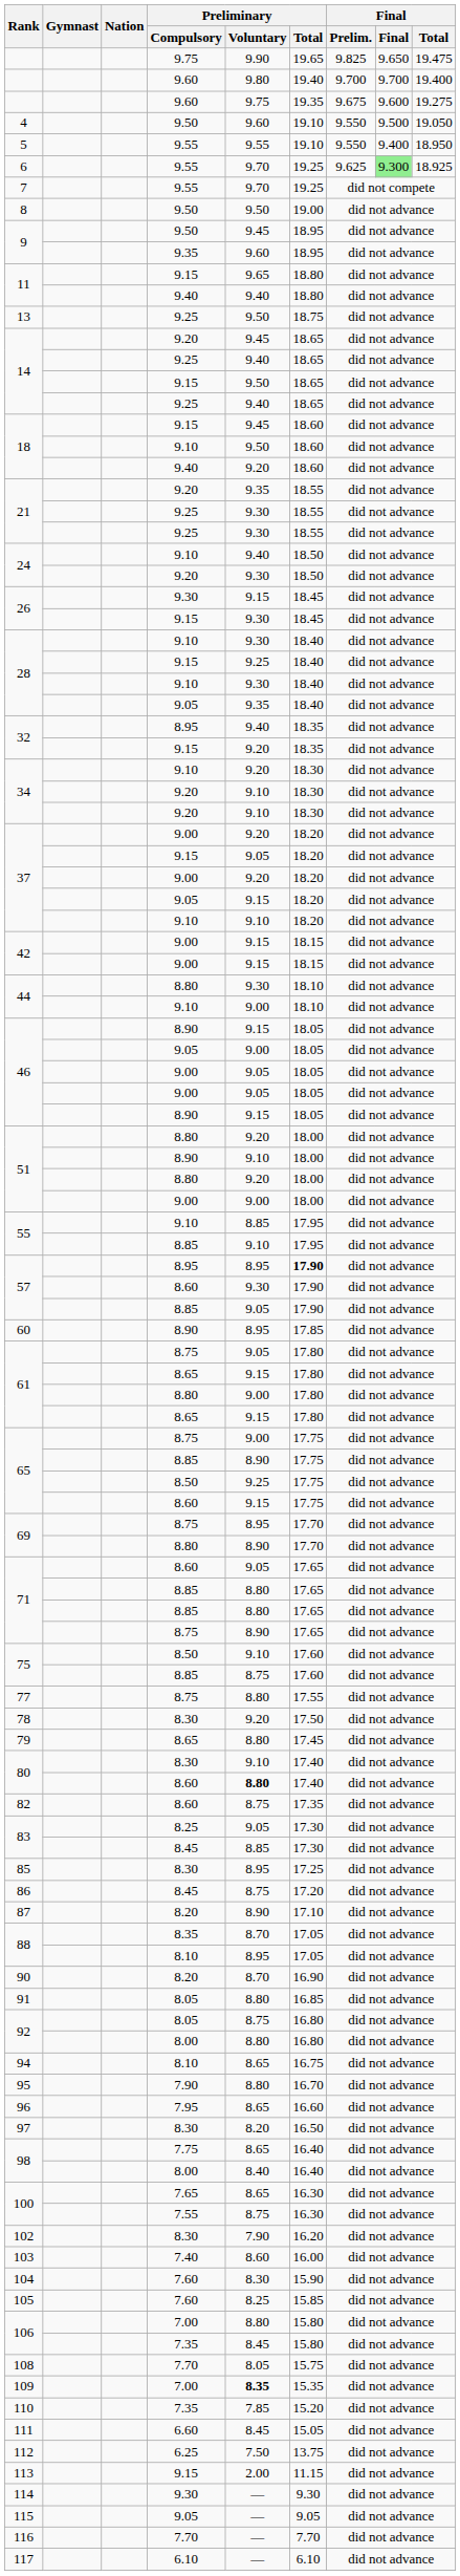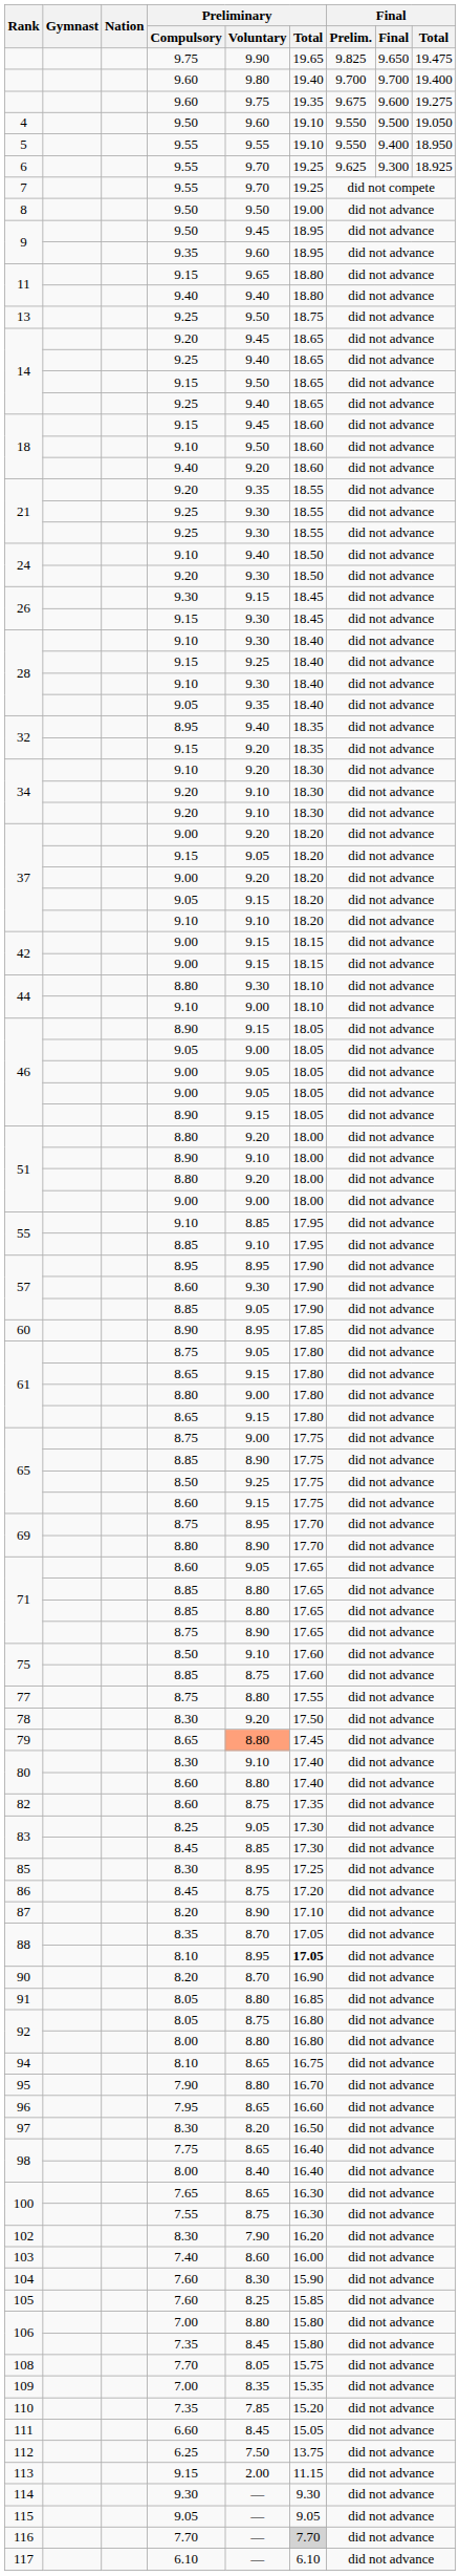 <table class="wikitable sortable" style="text-align:center">
 <tr>
 <th rowspan=2>Rank</th>
 <th rowspan=2>Gymnast</th>
 <th rowspan=2>Nation</th>
 <th colspan=3>Preliminary</th>
 <th colspan=3>Final</th>
 </tr>
 <tr>
 <th>Compulsory</th>
 <th>Voluntary</th>
 <th>Total</th>
 <th> Prelim.</th>
 <th>Final</th>
 <th>Total</th>
 </tr>
 <tr>
 <td></td>
 <td align=left></td>
 <td align=left></td>
 <td>9.75</td>
 <td>9.90</td>
 <td>19.65</td>
 <td>9.825</td>
 <td>9.650</td>
 <td>19.475</td>
 </tr>
 <tr>
 <td></td>
 <td align=left></td>
 <td align=left></td>
 <td>9.60</td>
 <td>9.80</td>
 <td>19.40</td>
 <td>9.700</td>
 <td>9.700</td>
 <td>19.400</td>
 </tr>
 <tr>
 <td></td>
 <td align=left></td>
 <td align=left></td>
 <td>9.60</td>
 <td>9.75</td>
 <td>19.35</td>
 <td>9.675</td>
 <td>9.600</td>
 <td>19.275</td>
 </tr>
 <tr>
 <td>4</td>
 <td align=left></td>
 <td align=left></td>
 <td>9.50</td>
 <td>9.60</td>
 <td>19.10</td>
 <td>9.550</td>
 <td>9.500</td>
 <td>19.050</td>
 </tr>
 <tr>
 <td>5</td>
 <td align=left></td>
 <td align=left></td>
 <td>9.55</td>
 <td>9.55</td>
 <td>19.10</td>
 <td>9.550</td>
 <td>9.400</td>
 <td>18.950</td>
 </tr>
 <tr>
 <td>6</td>
 <td align=left></td>
 <td align=left></td>
 <td>9.55</td>
 <td>9.70</td>
 <td>19.25</td>
 <td>9.625</td>
-<td style="background: lightgreen;">9.300</td>
+<td>9.300</td>
 <td>18.925</td>
 </tr>
 <tr>
 <td>7</td>
 <td align=left></td>
 <td align=left></td>
 <td>9.55</td>
 <td>9.70</td>
 <td>19.25</td>
 <td colspan=3>did not compete</td>
 </tr>
 <tr>
 <td>8</td>
 <td align=left></td>
 <td align=left></td>
 <td>9.50</td>
 <td>9.50</td>
 <td>19.00</td>
 <td colspan=3>did not advance</td>
 </tr>
 <tr>
 <td rowspan=2>9</td>
 <td align=left></td>
 <td align=left></td>
 <td>9.50</td>
 <td>9.45</td>
 <td>18.95</td>
 <td colspan=3>did not advance</td>
 </tr>
 <tr>
 <td align=left></td>
 <td align=left></td>
 <td>9.35</td>
 <td>9.60</td>
 <td>18.95</td>
 <td colspan=3>did not advance</td>
 </tr>
 <tr>
 <td rowspan=2>11</td>
 <td align=left></td>
 <td align=left></td>
 <td>9.15</td>
 <td>9.65</td>
 <td>18.80</td>
 <td colspan=3>did not advance</td>
 </tr>
 <tr>
 <td align=left></td>
 <td align=left></td>
 <td>9.40</td>
 <td>9.40</td>
 <td>18.80</td>
 <td colspan=3>did not advance</td>
 </tr>
 <tr>
 <td>13</td>
 <td align=left></td>
 <td align=left></td>
 <td>9.25</td>
 <td>9.50</td>
 <td>18.75</td>
 <td colspan=3>did not advance</td>
 </tr>
 <tr>
 <td rowspan=4>14</td>
 <td align=left></td>
 <td align=left></td>
 <td>9.20</td>
 <td>9.45</td>
 <td>18.65</td>
 <td colspan=3>did not advance</td>
 </tr>
 <tr>
 <td align=left></td>
 <td align=left></td>
 <td>9.25</td>
 <td>9.40</td>
 <td>18.65</td>
 <td colspan=3>did not advance</td>
 </tr>
 <tr>
 <td align=left></td>
 <td align=left></td>
 <td>9.15</td>
 <td>9.50</td>
 <td>18.65</td>
 <td colspan=3>did not advance</td>
 </tr>
 <tr>
 <td align=left></td>
 <td align=left></td>
 <td>9.25</td>
 <td>9.40</td>
 <td>18.65</td>
 <td colspan=3>did not advance</td>
 </tr>
 <tr>
 <td rowspan=3>18</td>
 <td align=left></td>
 <td align=left></td>
 <td>9.15</td>
 <td>9.45</td>
 <td>18.60</td>
 <td colspan=3>did not advance</td>
 </tr>
 <tr>
 <td align=left></td>
 <td align=left></td>
 <td>9.10</td>
 <td>9.50</td>
 <td>18.60</td>
 <td colspan=3>did not advance</td>
 </tr>
 <tr>
 <td align=left></td>
 <td align=left></td>
 <td>9.40</td>
 <td>9.20</td>
 <td>18.60</td>
 <td colspan=3>did not advance</td>
 </tr>
 <tr>
 <td rowspan=3>21</td>
 <td align=left></td>
 <td align=left></td>
 <td>9.20</td>
 <td>9.35</td>
 <td>18.55</td>
 <td colspan=3>did not advance</td>
 </tr>
 <tr>
 <td align=left></td>
 <td align=left></td>
 <td>9.25</td>
 <td>9.30</td>
 <td>18.55</td>
 <td colspan=3>did not advance</td>
 </tr>
 <tr>
 <td align=left></td>
 <td align=left></td>
 <td>9.25</td>
 <td>9.30</td>
 <td>18.55</td>
 <td colspan=3>did not advance</td>
 </tr>
 <tr>
 <td rowspan=2>24</td>
 <td align=left></td>
 <td align=left></td>
 <td>9.10</td>
 <td>9.40</td>
 <td>18.50</td>
 <td colspan=3>did not advance</td>
 </tr>
 <tr>
 <td align=left></td>
 <td align=left></td>
 <td>9.20</td>
 <td>9.30</td>
 <td>18.50</td>
 <td colspan=3>did not advance</td>
 </tr>
 <tr>
 <td rowspan=2>26</td>
 <td align=left></td>
 <td align=left></td>
 <td>9.30</td>
 <td>9.15</td>
 <td>18.45</td>
 <td colspan=3>did not advance</td>
 </tr>
 <tr>
 <td align=left></td>
 <td align=left></td>
 <td>9.15</td>
 <td>9.30</td>
 <td>18.45</td>
 <td colspan=3>did not advance</td>
 </tr>
 <tr>
 <td rowspan=4>28</td>
 <td align=left></td>
 <td align=left></td>
 <td>9.10</td>
 <td>9.30</td>
 <td>18.40</td>
 <td colspan=3>did not advance</td>
 </tr>
 <tr>
 <td align=left></td>
 <td align=left></td>
 <td>9.15</td>
 <td>9.25</td>
 <td>18.40</td>
 <td colspan=3>did not advance</td>
 </tr>
 <tr>
 <td align=left></td>
 <td align=left></td>
 <td>9.10</td>
 <td>9.30</td>
 <td>18.40</td>
 <td colspan=3>did not advance</td>
 </tr>
 <tr>
 <td align=left></td>
 <td align=left></td>
 <td>9.05</td>
 <td>9.35</td>
 <td>18.40</td>
 <td colspan=3>did not advance</td>
 </tr>
 <tr>
 <td rowspan=2>32</td>
 <td align=left></td>
 <td align=left></td>
 <td>8.95</td>
 <td>9.40</td>
 <td>18.35</td>
 <td colspan=3>did not advance</td>
 </tr>
 <tr>
 <td align=left></td>
 <td align=left></td>
 <td>9.15</td>
 <td>9.20</td>
 <td>18.35</td>
 <td colspan=3>did not advance</td>
 </tr>
 <tr>
 <td rowspan=3>34</td>
 <td align=left></td>
 <td align=left></td>
 <td>9.10</td>
 <td>9.20</td>
 <td>18.30</td>
 <td colspan=3>did not advance</td>
 </tr>
 <tr>
 <td align=left></td>
 <td align=left></td>
 <td>9.20</td>
 <td>9.10</td>
 <td>18.30</td>
 <td colspan=3>did not advance</td>
 </tr>
 <tr>
 <td align=left></td>
 <td align=left></td>
 <td>9.20</td>
 <td>9.10</td>
 <td>18.30</td>
 <td colspan=3>did not advance</td>
 </tr>
 <tr>
 <td rowspan=5>37</td>
 <td align=left></td>
 <td align=left></td>
 <td>9.00</td>
 <td>9.20</td>
 <td>18.20</td>
 <td colspan=3>did not advance</td>
 </tr>
 <tr>
 <td align=left></td>
 <td align=left></td>
 <td>9.15</td>
 <td>9.05</td>
 <td>18.20</td>
 <td colspan=3>did not advance</td>
 </tr>
 <tr>
 <td align=left></td>
 <td align=left></td>
 <td>9.00</td>
 <td>9.20</td>
 <td>18.20</td>
 <td colspan=3>did not advance</td>
 </tr>
 <tr>
 <td align=left></td>
 <td align=left></td>
 <td>9.05</td>
 <td>9.15</td>
 <td>18.20</td>
 <td colspan=3>did not advance</td>
 </tr>
 <tr>
 <td align=left></td>
 <td align=left></td>
 <td>9.10</td>
 <td>9.10</td>
 <td>18.20</td>
 <td colspan=3>did not advance</td>
 </tr>
 <tr>
 <td rowspan=2>42</td>
 <td align=left></td>
 <td align=left></td>
 <td>9.00</td>
 <td>9.15</td>
 <td>18.15</td>
 <td colspan=3>did not advance</td>
 </tr>
 <tr>
 <td align=left></td>
 <td align=left></td>
 <td>9.00</td>
 <td>9.15</td>
 <td>18.15</td>
 <td colspan=3>did not advance</td>
 </tr>
 <tr>
 <td rowspan=2>44</td>
 <td align=left></td>
 <td align=left></td>
 <td>8.80</td>
 <td>9.30</td>
 <td>18.10</td>
 <td colspan=3>did not advance</td>
 </tr>
 <tr>
 <td align=left></td>
 <td align=left></td>
 <td>9.10</td>
 <td>9.00</td>
 <td>18.10</td>
 <td colspan=3>did not advance</td>
 </tr>
 <tr>
 <td rowspan=5>46</td>
 <td align=left></td>
 <td align=left></td>
 <td>8.90</td>
 <td>9.15</td>
 <td>18.05</td>
 <td colspan=3>did not advance</td>
 </tr>
 <tr>
 <td align=left></td>
 <td align=left></td>
 <td>9.05</td>
 <td>9.00</td>
 <td>18.05</td>
 <td colspan=3>did not advance</td>
 </tr>
 <tr>
 <td align=left></td>
 <td align=left></td>
 <td>9.00</td>
 <td>9.05</td>
 <td>18.05</td>
 <td colspan=3>did not advance</td>
 </tr>
 <tr>
 <td align=left></td>
 <td align=left></td>
 <td>9.00</td>
 <td>9.05</td>
 <td>18.05</td>
 <td colspan=3>did not advance</td>
 </tr>
 <tr>
 <td align=left></td>
 <td align=left></td>
 <td>8.90</td>
 <td>9.15</td>
 <td>18.05</td>
 <td colspan=3>did not advance</td>
 </tr>
 <tr>
 <td rowspan=4>51</td>
 <td align=left></td>
 <td align=left></td>
 <td>8.80</td>
 <td>9.20</td>
 <td>18.00</td>
 <td colspan=3>did not advance</td>
 </tr>
 <tr>
 <td align=left></td>
 <td align=left></td>
 <td>8.90</td>
 <td>9.10</td>
 <td>18.00</td>
 <td colspan=3>did not advance</td>
 </tr>
 <tr>
 <td align=left></td>
 <td align=left></td>
 <td>8.80</td>
 <td>9.20</td>
 <td>18.00</td>
 <td colspan=3>did not advance</td>
 </tr>
 <tr>
 <td align=left></td>
 <td align=left></td>
 <td>9.00</td>
 <td>9.00</td>
 <td>18.00</td>
 <td colspan=3>did not advance</td>
 </tr>
 <tr>
 <td rowspan=2>55</td>
 <td align=left></td>
 <td align=left></td>
 <td>9.10</td>
 <td>8.85</td>
 <td>17.95</td>
 <td colspan=3>did not advance</td>
 </tr>
 <tr>
 <td align=left></td>
 <td align=left></td>
 <td>8.85</td>
 <td>9.10</td>
 <td>17.95</td>
 <td colspan=3>did not advance</td>
 </tr>
 <tr>
 <td rowspan=3>57</td>
 <td align=left></td>
 <td align=left></td>
 <td>8.95</td>
 <td>8.95</td>
-<td><strong>17.90</strong></td>
+<td>17.90</td>
 <td colspan=3>did not advance</td>
 </tr>
 <tr>
 <td align=left></td>
 <td align=left></td>
 <td>8.60</td>
 <td>9.30</td>
 <td>17.90</td>
 <td colspan=3>did not advance</td>
 </tr>
 <tr>
 <td align=left></td>
 <td align=left></td>
 <td>8.85</td>
 <td>9.05</td>
 <td>17.90</td>
 <td colspan=3>did not advance</td>
 </tr>
 <tr>
 <td>60</td>
 <td align=left></td>
 <td align=left></td>
 <td>8.90</td>
 <td>8.95</td>
 <td>17.85</td>
 <td colspan=3>did not advance</td>
 </tr>
 <tr>
 <td rowspan=4>61</td>
 <td align=left></td>
 <td align=left></td>
 <td>8.75</td>
 <td>9.05</td>
 <td>17.80</td>
 <td colspan=3>did not advance</td>
 </tr>
 <tr>
 <td align=left></td>
 <td align=left></td>
 <td>8.65</td>
 <td>9.15</td>
 <td>17.80</td>
 <td colspan=3>did not advance</td>
 </tr>
 <tr>
 <td align=left></td>
 <td align=left></td>
 <td>8.80</td>
 <td>9.00</td>
 <td>17.80</td>
 <td colspan=3>did not advance</td>
 </tr>
 <tr>
 <td align=left></td>
 <td align=left></td>
 <td>8.65</td>
 <td>9.15</td>
 <td>17.80</td>
 <td colspan=3>did not advance</td>
 </tr>
 <tr>
 <td rowspan=4>65</td>
 <td align=left></td>
 <td align=left></td>
 <td>8.75</td>
 <td>9.00</td>
 <td>17.75</td>
 <td colspan=3>did not advance</td>
 </tr>
 <tr>
 <td align=left></td>
 <td align=left></td>
 <td>8.85</td>
 <td>8.90</td>
 <td>17.75</td>
 <td colspan=3>did not advance</td>
 </tr>
 <tr>
 <td align=left></td>
 <td align=left></td>
 <td>8.50</td>
 <td>9.25</td>
 <td>17.75</td>
 <td colspan=3>did not advance</td>
 </tr>
 <tr>
 <td align=left></td>
 <td align=left></td>
 <td>8.60</td>
 <td>9.15</td>
 <td>17.75</td>
 <td colspan=3>did not advance</td>
 </tr>
 <tr>
 <td rowspan=2>69</td>
 <td align=left></td>
 <td align=left></td>
 <td>8.75</td>
 <td>8.95</td>
 <td>17.70</td>
 <td colspan=3>did not advance</td>
 </tr>
 <tr>
 <td align=left></td>
 <td align=left></td>
 <td>8.80</td>
 <td>8.90</td>
 <td>17.70</td>
 <td colspan=3>did not advance</td>
 </tr>
 <tr>
 <td rowspan=4>71</td>
 <td align=left></td>
 <td align=left></td>
 <td>8.60</td>
 <td>9.05</td>
 <td>17.65</td>
 <td colspan=3>did not advance</td>
 </tr>
 <tr>
 <td align=left></td>
 <td align=left></td>
 <td>8.85</td>
 <td>8.80</td>
 <td>17.65</td>
 <td colspan=3>did not advance</td>
 </tr>
 <tr>
 <td align=left></td>
 <td align=left></td>
 <td>8.85</td>
 <td>8.80</td>
 <td>17.65</td>
 <td colspan=3>did not advance</td>
 </tr>
 <tr>
 <td align=left></td>
 <td align=left></td>
 <td>8.75</td>
 <td>8.90</td>
 <td>17.65</td>
 <td colspan=3>did not advance</td>
 </tr>
 <tr>
 <td rowspan=2>75</td>
 <td align=left></td>
 <td align=left></td>
 <td>8.50</td>
 <td>9.10</td>
 <td>17.60</td>
 <td colspan=3>did not advance</td>
 </tr>
 <tr>
 <td align=left></td>
 <td align=left></td>
 <td>8.85</td>
 <td>8.75</td>
 <td>17.60</td>
 <td colspan=3>did not advance</td>
 </tr>
 <tr>
 <td>77</td>
 <td align=left></td>
 <td align=left></td>
 <td>8.75</td>
 <td>8.80</td>
 <td>17.55</td>
 <td colspan=3>did not advance</td>
 </tr>
 <tr>
 <td>78</td>
 <td align=left></td>
 <td align=left></td>
 <td>8.30</td>
 <td>9.20</td>
 <td>17.50</td>
 <td colspan=3>did not advance</td>
 </tr>
 <tr>
 <td>79</td>
 <td align=left></td>
 <td align=left></td>
 <td>8.65</td>
-<td>8.80</td>
+<td style="background: lightsalmon;">8.80</td>
 <td>17.45</td>
 <td colspan=3>did not advance</td>
 </tr>
 <tr>
 <td rowspan=2>80</td>
 <td align=left></td>
 <td align=left></td>
 <td>8.30</td>
 <td>9.10</td>
 <td>17.40</td>
 <td colspan=3>did not advance</td>
 </tr>
 <tr>
 <td align=left></td>
 <td align=left></td>
 <td>8.60</td>
-<td><strong>8.80</strong></td>
+<td>8.80</td>
 <td>17.40</td>
 <td colspan=3>did not advance</td>
 </tr>
 <tr>
 <td>82</td>
 <td align=left></td>
 <td align=left></td>
 <td>8.60</td>
 <td>8.75</td>
 <td>17.35</td>
 <td colspan=3>did not advance</td>
 </tr>
 <tr>
 <td rowspan=2>83</td>
 <td align=left></td>
 <td align=left></td>
 <td>8.25</td>
 <td>9.05</td>
 <td>17.30</td>
 <td colspan=3>did not advance</td>
 </tr>
 <tr>
 <td align=left></td>
 <td align=left></td>
 <td>8.45</td>
 <td>8.85</td>
 <td>17.30</td>
 <td colspan=3>did not advance</td>
 </tr>
 <tr>
 <td>85</td>
 <td align=left></td>
 <td align=left></td>
 <td>8.30</td>
 <td>8.95</td>
 <td>17.25</td>
 <td colspan=3>did not advance</td>
 </tr>
 <tr>
 <td>86</td>
 <td align=left></td>
 <td align=left></td>
 <td>8.45</td>
 <td>8.75</td>
 <td>17.20</td>
 <td colspan=3>did not advance</td>
 </tr>
 <tr>
 <td>87</td>
 <td align=left></td>
 <td align=left></td>
 <td>8.20</td>
 <td>8.90</td>
 <td>17.10</td>
 <td colspan=3>did not advance</td>
 </tr>
 <tr>
 <td rowspan=2>88</td>
 <td align=left></td>
 <td align=left></td>
 <td>8.35</td>
 <td>8.70</td>
 <td>17.05</td>
 <td colspan=3>did not advance</td>
 </tr>
 <tr>
 <td align=left></td>
 <td align=left></td>
 <td>8.10</td>
 <td>8.95</td>
-<td>17.05</td>
+<td><strong>17.05</strong></td>
 <td colspan=3>did not advance</td>
 </tr>
 <tr>
 <td>90</td>
 <td align=left></td>
 <td align=left></td>
 <td>8.20</td>
 <td>8.70</td>
 <td>16.90</td>
 <td colspan=3>did not advance</td>
 </tr>
 <tr>
 <td>91</td>
 <td align=left></td>
 <td align=left></td>
 <td>8.05</td>
 <td>8.80</td>
 <td>16.85</td>
 <td colspan=3>did not advance</td>
 </tr>
 <tr>
 <td rowspan=2>92</td>
 <td align=left></td>
 <td align=left></td>
 <td>8.05</td>
 <td>8.75</td>
 <td>16.80</td>
 <td colspan=3>did not advance</td>
 </tr>
 <tr>
 <td align=left></td>
 <td align=left></td>
 <td>8.00</td>
 <td>8.80</td>
 <td>16.80</td>
 <td colspan=3>did not advance</td>
 </tr>
 <tr>
 <td>94</td>
 <td align=left></td>
 <td align=left></td>
 <td>8.10</td>
 <td>8.65</td>
 <td>16.75</td>
 <td colspan=3>did not advance</td>
 </tr>
 <tr>
 <td>95</td>
 <td align=left></td>
 <td align=left></td>
 <td>7.90</td>
 <td>8.80</td>
 <td>16.70</td>
 <td colspan=3>did not advance</td>
 </tr>
 <tr>
 <td>96</td>
 <td align=left></td>
 <td align=left></td>
 <td>7.95</td>
 <td>8.65</td>
 <td>16.60</td>
 <td colspan=3>did not advance</td>
 </tr>
 <tr>
 <td>97</td>
 <td align=left></td>
 <td align=left></td>
 <td>8.30</td>
 <td>8.20</td>
 <td>16.50</td>
 <td colspan=3>did not advance</td>
 </tr>
 <tr>
 <td rowspan=2>98</td>
 <td align=left></td>
 <td align=left></td>
 <td>7.75</td>
 <td>8.65</td>
 <td>16.40</td>
 <td colspan=3>did not advance</td>
 </tr>
 <tr>
 <td align=left></td>
 <td align=left></td>
 <td>8.00</td>
 <td>8.40</td>
 <td>16.40</td>
 <td colspan=3>did not advance</td>
 </tr>
 <tr>
 <td rowspan=2>100</td>
 <td align=left></td>
 <td align=left></td>
 <td>7.65</td>
 <td>8.65</td>
 <td>16.30</td>
 <td colspan=3>did not advance</td>
 </tr>
 <tr>
 <td align=left></td>
 <td align=left></td>
 <td>7.55</td>
 <td>8.75</td>
 <td>16.30</td>
 <td colspan=3>did not advance</td>
 </tr>
 <tr>
 <td>102</td>
 <td align=left></td>
 <td align=left></td>
 <td>8.30</td>
 <td>7.90</td>
 <td>16.20</td>
 <td colspan=3>did not advance</td>
 </tr>
 <tr>
 <td>103</td>
 <td align=left></td>
 <td align=left></td>
 <td>7.40</td>
 <td>8.60</td>
 <td>16.00</td>
 <td colspan=3>did not advance</td>
 </tr>
 <tr>
 <td>104</td>
 <td align=left></td>
 <td align=left></td>
 <td>7.60</td>
 <td>8.30</td>
 <td>15.90</td>
 <td colspan=3>did not advance</td>
 </tr>
 <tr>
 <td>105</td>
 <td align=left></td>
 <td align=left></td>
 <td>7.60</td>
 <td>8.25</td>
 <td>15.85</td>
 <td colspan=3>did not advance</td>
 </tr>
 <tr>
 <td rowspan=2>106</td>
 <td align=left></td>
 <td align=left></td>
 <td>7.00</td>
 <td>8.80</td>
 <td>15.80</td>
 <td colspan=3>did not advance</td>
 </tr>
 <tr>
 <td align=left></td>
 <td align=left></td>
 <td>7.35</td>
 <td>8.45</td>
 <td>15.80</td>
 <td colspan=3>did not advance</td>
 </tr>
 <tr>
 <td>108</td>
 <td align=left></td>
 <td align=left></td>
 <td>7.70</td>
 <td>8.05</td>
 <td>15.75</td>
 <td colspan=3>did not advance</td>
 </tr>
 <tr>
 <td>109</td>
 <td align=left></td>
 <td align=left></td>
 <td>7.00</td>
-<td><strong>8.35</strong></td>
+<td>8.35</td>
 <td>15.35</td>
 <td colspan=3>did not advance</td>
 </tr>
 <tr>
 <td>110</td>
 <td align=left></td>
 <td align=left></td>
 <td>7.35</td>
 <td>7.85</td>
 <td>15.20</td>
 <td colspan=3>did not advance</td>
 </tr>
 <tr>
 <td>111</td>
 <td align=left></td>
 <td align=left></td>
 <td>6.60</td>
 <td>8.45</td>
 <td>15.05</td>
 <td colspan=3>did not advance</td>
 </tr>
 <tr>
 <td>112</td>
 <td align=left></td>
 <td align=left></td>
 <td>6.25</td>
 <td>7.50</td>
 <td>13.75</td>
 <td colspan=3>did not advance</td>
 </tr>
 <tr>
 <td>113</td>
 <td align=left></td>
 <td align=left></td>
 <td>9.15</td>
 <td>2.00</td>
 <td>11.15</td>
 <td colspan=3>did not advance</td>
 </tr>
 <tr>
 <td>114</td>
 <td align=left></td>
 <td align=left></td>
 <td>9.30</td>
 <td>—</td>
 <td>9.30</td>
 <td colspan=3>did not advance</td>
 </tr>
 <tr>
 <td>115</td>
 <td align=left></td>
 <td align=left></td>
 <td>9.05</td>
 <td>—</td>
 <td>9.05</td>
 <td colspan=3>did not advance</td>
 </tr>
 <tr>
 <td>116</td>
 <td align=left></td>
 <td align=left></td>
 <td>7.70</td>
 <td>—</td>
-<td>7.70</td>
+<td style="background: lightgrey;">7.70</td>
 <td colspan=3>did not advance</td>
 </tr>
 <tr>
 <td>117</td>
 <td align=left></td>
 <td align=left></td>
 <td>6.10</td>
 <td>—</td>
 <td>6.10</td>
 <td colspan=3>did not advance</td>
 </tr>
 </table>
